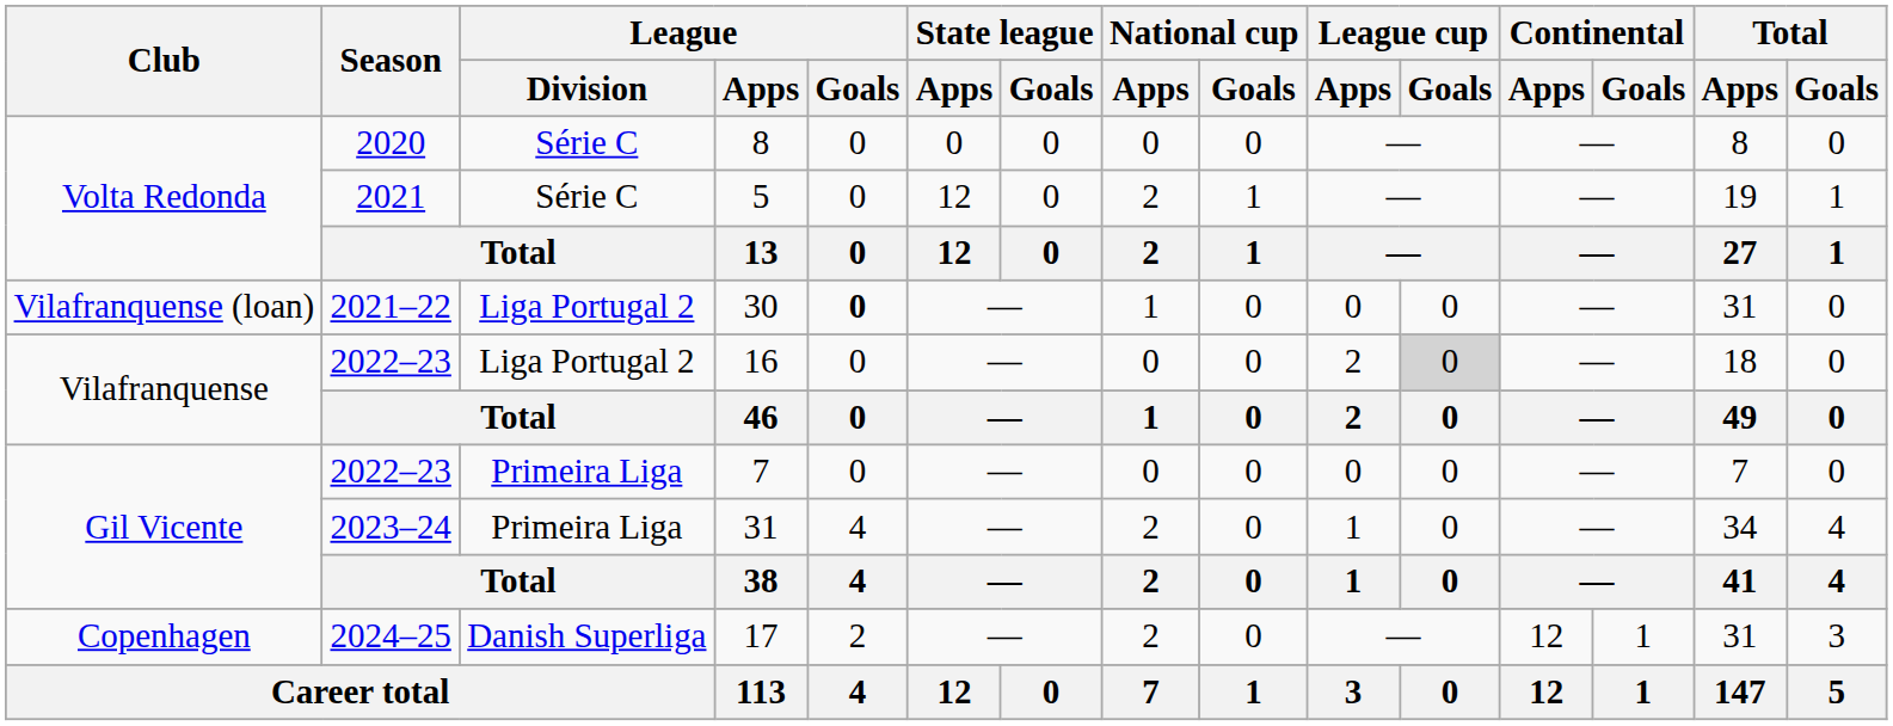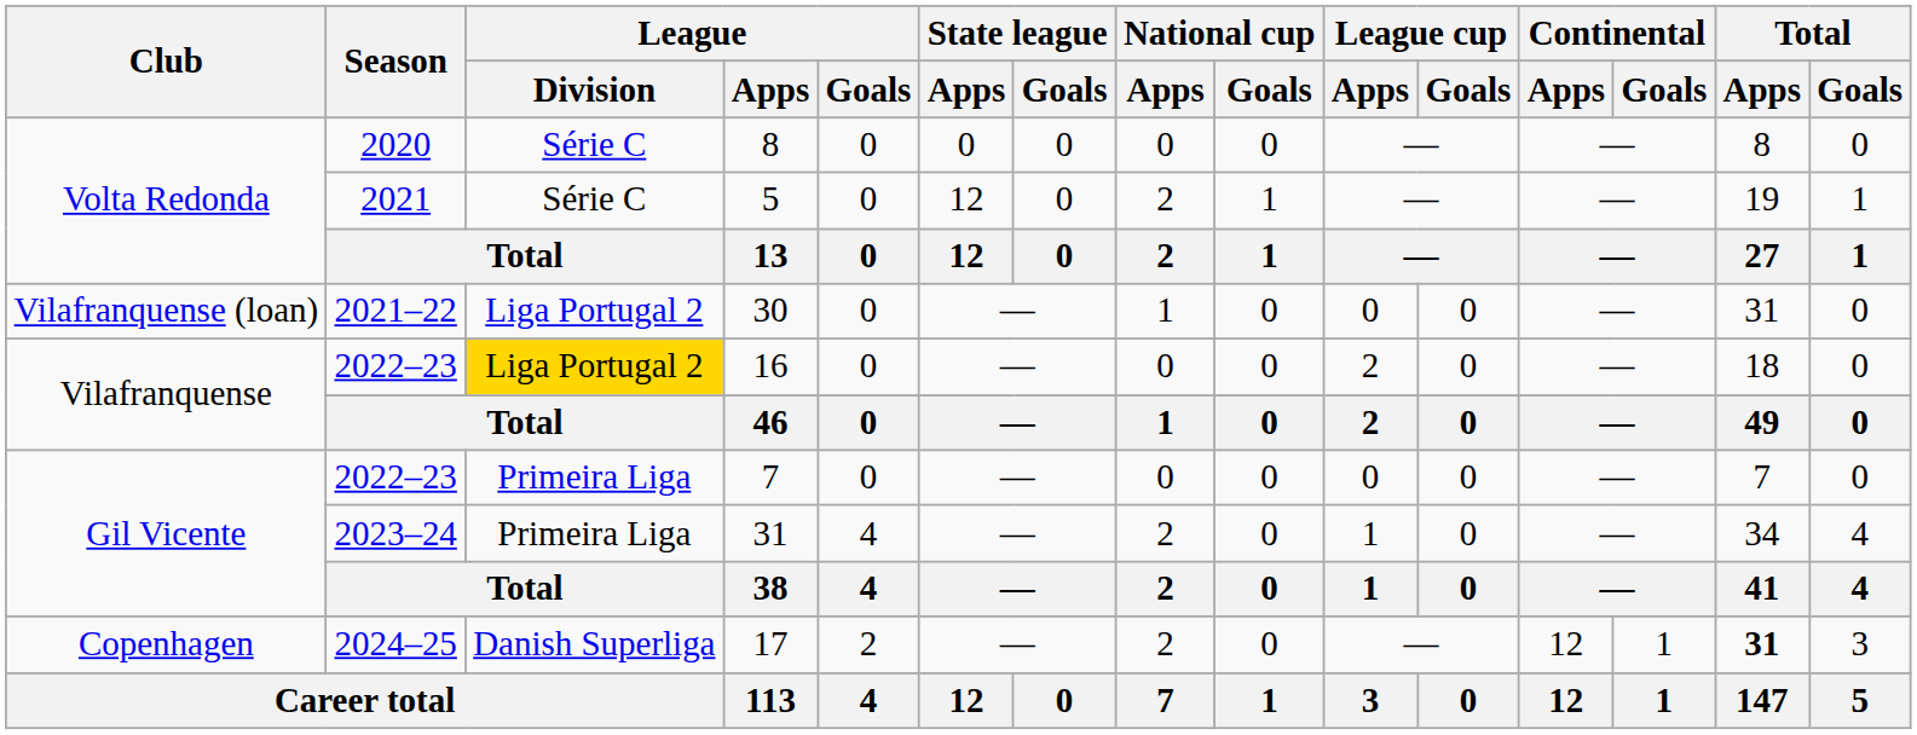 <table class="wikitable" style="text-align: center">
 <tr>
 <th rowspan="2">Club</th>
 <th rowspan="2">Season</th>
 <th colspan="3">League</th>
 <th colspan="2">State league</th>
 <th colspan="2">National cup</th>
 <th colspan="2">League cup</th>
 <th colspan="2">Continental</th>
 <th colspan="2">Total</th>
 </tr>
 <tr>
 <th>Division</th>
 <th>Apps</th>
 <th>Goals</th>
 <th>Apps</th>
 <th>Goals</th>
 <th>Apps</th>
 <th>Goals</th>
 <th>Apps</th>
 <th>Goals</th>
 <th>Apps</th>
 <th>Goals</th>
 <th>Apps</th>
 <th>Goals</th>
 </tr>
 <tr>
 <td rowspan="3"><a href='#'>Volta Redonda</a></td>
 <td><a href='#'>2020</a></td>
 <td><a href='#'>Série C</a></td>
 <td>8</td>
 <td>0</td>
 <td>0</td>
 <td>0</td>
 <td>0</td>
 <td>0</td>
 <td colspan="2">—</td>
 <td colspan="2">—</td>
 <td>8</td>
 <td>0</td>
 </tr>
 <tr>
 <td><a href='#'>2021</a></td>
 <td>Série C</td>
 <td>5</td>
 <td>0</td>
 <td>12</td>
 <td>0</td>
 <td>2</td>
 <td>1</td>
 <td colspan="2">—</td>
 <td colspan="2">—</td>
 <td>19</td>
 <td>1</td>
 </tr>
 <tr>
 <th colspan="2">Total</th>
 <th>13</th>
 <th>0</th>
 <th>12</th>
 <th>0</th>
 <th>2</th>
 <th>1</th>
 <th colspan="2">—</th>
 <th colspan="2">—</th>
 <th>27</th>
 <th>1</th>
 </tr>
 <tr>
 <td><a href='#'>Vilafranquense</a> (loan)</td>
 <td><a href='#'>2021–22</a></td>
 <td><a href='#'>Liga Portugal 2</a></td>
 <td>30</td>
-<td><strong>0</strong></td>
+<td>0</td>
 <td colspan="2">—</td>
 <td>1</td>
 <td>0</td>
 <td>0</td>
 <td>0</td>
 <td colspan="2">—</td>
 <td>31</td>
 <td>0</td>
 </tr>
 <tr>
 <td rowspan="2">Vilafranquense</td>
 <td><a href='#'>2022–23</a></td>
-<td>Liga Portugal 2</td>
+<td style="background: gold;">Liga Portugal 2</td>
 <td>16</td>
 <td>0</td>
 <td colspan="2">—</td>
 <td>0</td>
 <td>0</td>
 <td>2</td>
-<td style="background: lightgrey;">0</td>
+<td>0</td>
 <td colspan="2">—</td>
 <td>18</td>
 <td>0</td>
 </tr>
 <tr>
 <th colspan="2">Total</th>
 <th>46</th>
 <th>0</th>
 <th colspan="2">—</th>
 <th>1</th>
 <th>0</th>
 <th>2</th>
 <th>0</th>
 <th colspan="2">—</th>
 <th>49</th>
 <th>0</th>
 </tr>
 <tr>
 <td rowspan="3"><a href='#'>Gil Vicente</a></td>
 <td><a href='#'>2022–23</a></td>
 <td><a href='#'>Primeira Liga</a></td>
 <td>7</td>
 <td>0</td>
 <td colspan="2">—</td>
 <td>0</td>
 <td>0</td>
 <td>0</td>
 <td>0</td>
 <td colspan="2">—</td>
 <td>7</td>
 <td>0</td>
 </tr>
 <tr>
 <td><a href='#'>2023–24</a></td>
 <td>Primeira Liga</td>
 <td>31</td>
 <td>4</td>
 <td colspan="2">—</td>
 <td>2</td>
 <td>0</td>
 <td>1</td>
 <td>0</td>
 <td colspan="2">—</td>
 <td>34</td>
 <td>4</td>
 </tr>
 <tr>
 <th colspan="2">Total</th>
 <th>38</th>
 <th>4</th>
 <th colspan="2">—</th>
 <th>2</th>
 <th>0</th>
 <th>1</th>
 <th>0</th>
 <th colspan="2">—</th>
 <th>41</th>
 <th>4</th>
 </tr>
 <tr>
 <td><a href='#'>Copenhagen</a></td>
 <td><a href='#'>2024–25</a></td>
 <td><a href='#'>Danish Superliga</a></td>
 <td>17</td>
 <td>2</td>
 <td colspan="2">—</td>
 <td>2</td>
 <td>0</td>
 <td colspan="2">—</td>
 <td>12</td>
 <td>1</td>
-<td>31</td>
+<td><strong>31</strong></td>
 <td>3</td>
 </tr>
 <tr>
 <th colspan="3">Career total</th>
 <th>113</th>
 <th>4</th>
 <th>12</th>
 <th>0</th>
 <th>7</th>
 <th>1</th>
 <th>3</th>
 <th>0</th>
 <th>12</th>
 <th>1</th>
 <th>147</th>
 <th>5</th>
 </tr>
 </table>
